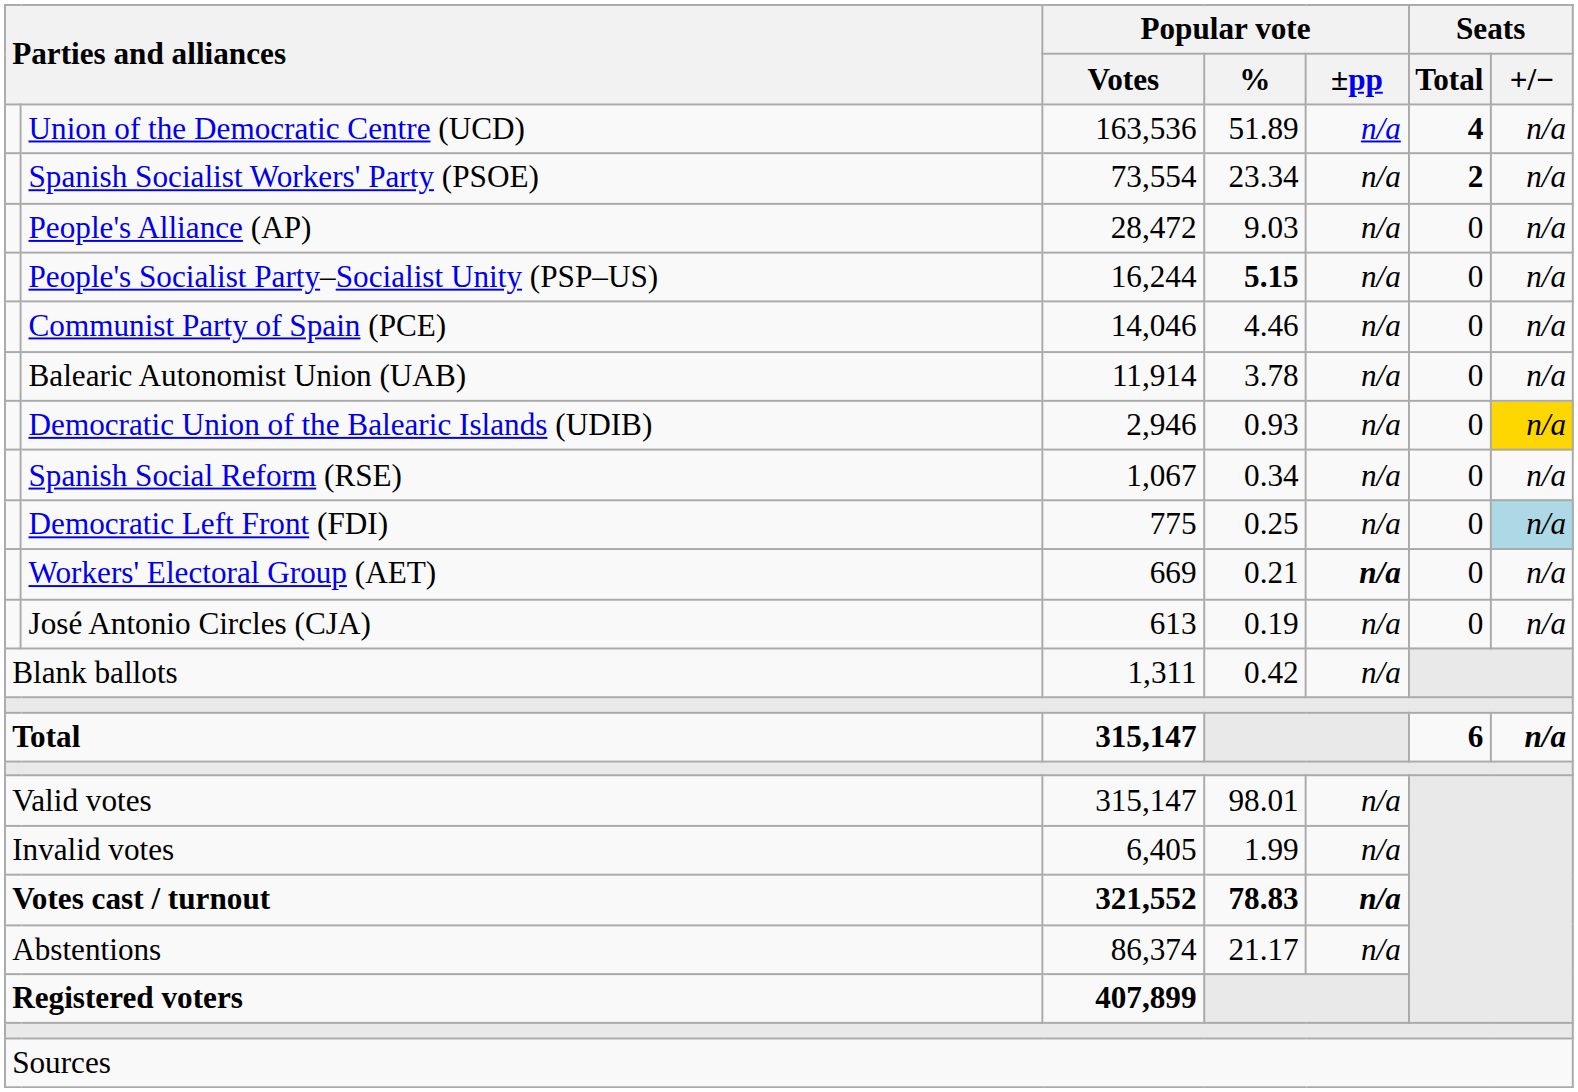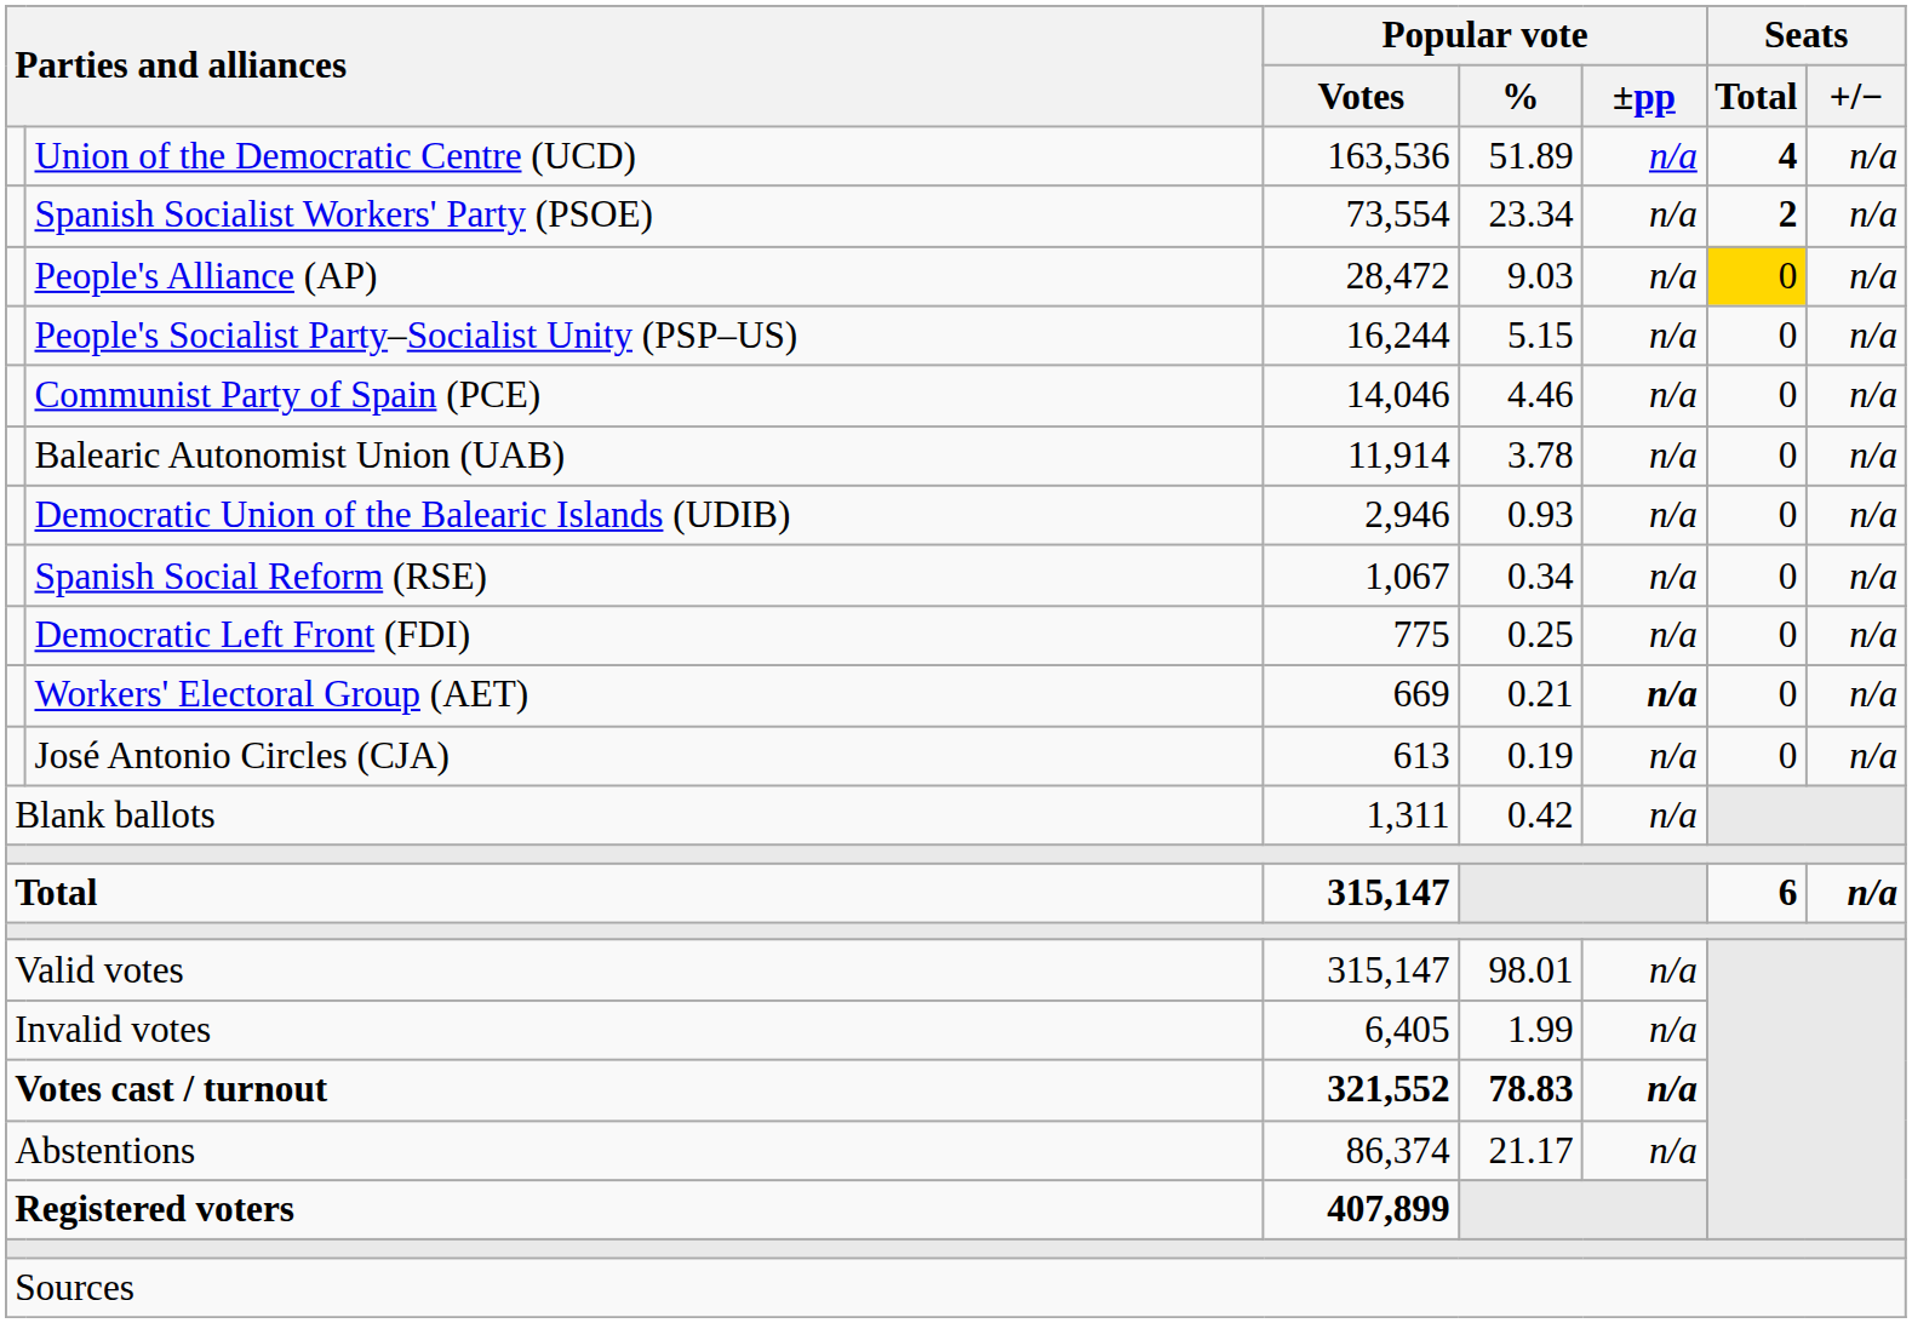 <table class="wikitable" style="text-align:right;">
 <tr>
 <th style="text-align:left;" rowspan="2" colspan="2" width="525">Parties and alliances</th>
 <th colspan="3">Popular vote</th>
 <th colspan="2">Seats</th>
 </tr>
 <tr>
 <th width="75">Votes</th>
 <th width="45">%</th>
 <th width="45">±<a href='#'>pp</a></th>
 <th width="35">Total</th>
 <th width="35">+/−</th>
 </tr>
 <tr>
 <td width="1" style="color:inherit;background:"></td>
 <td align="left"><a href='#'>Union of the Democratic Centre</a> (UCD)</td>
 <td>163,536</td>
 <td>51.89</td>
 <td><em><a href='#'>n/a</a></em></td>
 <td><strong>4</strong></td>
 <td><em>n/a</em></td>
 </tr>
 <tr>
 <td style="color:inherit;background:"></td>
 <td align="left"><a href='#'>Spanish Socialist Workers' Party</a> (PSOE)</td>
 <td>73,554</td>
 <td>23.34</td>
 <td><em>n/a</em></td>
 <td><strong>2</strong></td>
 <td><em>n/a</em></td>
 </tr>
 <tr>
 <td style="color:inherit;background:"></td>
 <td align="left"><a href='#'>People's Alliance</a> (AP)</td>
 <td>28,472</td>
 <td>9.03</td>
 <td><em>n/a</em></td>
-<td>0</td>
+<td style="background: gold;">0</td>
 <td><em>n/a</em></td>
 </tr>
 <tr>
 <td style="color:inherit;background:"></td>
 <td align="left"><a href='#'>People's Socialist Party</a>–<a href='#'>Socialist Unity</a> (PSP–US)</td>
 <td>16,244</td>
-<td><strong>5.15</strong></td>
+<td>5.15</td>
 <td><em>n/a</em></td>
 <td>0</td>
 <td><em>n/a</em></td>
 </tr>
 <tr>
 <td style="color:inherit;background:"></td>
 <td align="left"><a href='#'>Communist Party of Spain</a> (PCE)</td>
 <td>14,046</td>
 <td>4.46</td>
 <td><em>n/a</em></td>
 <td>0</td>
 <td><em>n/a</em></td>
 </tr>
 <tr>
 <td style="color:inherit;background:"></td>
 <td align="left">Balearic Autonomist Union (UAB)</td>
 <td>11,914</td>
 <td>3.78</td>
 <td><em>n/a</em></td>
 <td>0</td>
 <td><em>n/a</em></td>
 </tr>
 <tr>
 <td style="color:inherit;background:"></td>
 <td align="left"><a href='#'>Democratic Union of the Balearic Islands</a> (UDIB)</td>
 <td>2,946</td>
 <td>0.93</td>
 <td><em>n/a</em></td>
 <td>0</td>
-<td style="background: gold;"><em>n/a</em></td>
+<td><em>n/a</em></td>
 </tr>
 <tr>
 <td style="color:inherit;background:"></td>
 <td align="left"><a href='#'>Spanish Social Reform</a> (RSE)</td>
 <td>1,067</td>
 <td>0.34</td>
 <td><em>n/a</em></td>
 <td>0</td>
 <td><em>n/a</em></td>
 </tr>
 <tr>
 <td style="color:inherit;background:"></td>
 <td align="left"><a href='#'>Democratic Left Front</a> (FDI)</td>
 <td>775</td>
 <td>0.25</td>
 <td><em>n/a</em></td>
 <td>0</td>
-<td style="background: lightblue;"><em>n/a</em></td>
+<td><em>n/a</em></td>
 </tr>
 <tr>
 <td style="color:inherit;background:"></td>
 <td align="left"><a href='#'>Workers' Electoral Group</a> (AET)</td>
 <td>669</td>
 <td>0.21</td>
 <td><strong><em>n/a</em></strong></td>
 <td>0</td>
 <td><em>n/a</em></td>
 </tr>
 <tr>
 <td style="color:inherit;background:"></td>
 <td align="left">José Antonio Circles (CJA)</td>
 <td>613</td>
 <td>0.19</td>
 <td><em>n/a</em></td>
 <td>0</td>
 <td><em>n/a</em></td>
 </tr>
 <tr>
 <td align="left" colspan="2">Blank ballots</td>
 <td>1,311</td>
 <td>0.42</td>
 <td><em>n/a</em></td>
 <td bgcolor="#E9E9E9" colspan="2"></td>
 </tr>
 <tr>
 <td colspan="7" bgcolor="#E9E9E9"></td>
 </tr>
 <tr style="font-weight:bold;">
 <td align="left" colspan="2">Total</td>
 <td>315,147</td>
 <td bgcolor="#E9E9E9" colspan="2"></td>
 <td>6</td>
 <td><em>n/a</em></td>
 </tr>
 <tr>
 <td colspan="7" bgcolor="#E9E9E9"></td>
 </tr>
 <tr>
 <td align="left" colspan="2">Valid votes</td>
 <td>315,147</td>
 <td>98.01</td>
 <td><em>n/a</em></td>
 <td bgcolor="#E9E9E9" colspan="2" rowspan="5"></td>
 </tr>
 <tr>
 <td align="left" colspan="2">Invalid votes</td>
 <td>6,405</td>
 <td>1.99</td>
 <td><em>n/a</em></td>
 </tr>
 <tr style="font-weight:bold;">
 <td align="left" colspan="2">Votes cast / turnout</td>
 <td>321,552</td>
 <td>78.83</td>
 <td><em>n/a</em></td>
 </tr>
 <tr>
 <td align="left" colspan="2">Abstentions</td>
 <td>86,374</td>
 <td>21.17</td>
 <td><em>n/a</em></td>
 </tr>
 <tr style="font-weight:bold;">
 <td align="left" colspan="2">Registered voters</td>
 <td>407,899</td>
 <td bgcolor="#E9E9E9" colspan="2"></td>
 </tr>
 <tr>
 <td colspan="7" bgcolor="#E9E9E9"></td>
 </tr>
 <tr>
 <td align="left" colspan="7">Sources</td>
 </tr>
 </table>
